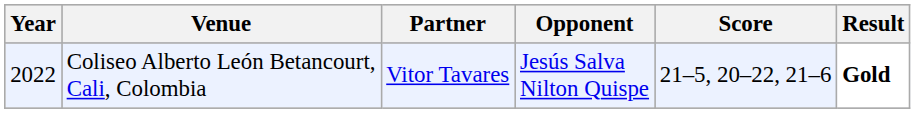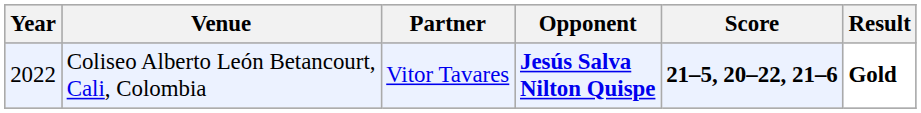 <table class="sortable wikitable" style="font-size: 90%;">
 <tr>
 <th>Year</th>
 <th>Venue</th>
 <th>Partner</th>
 <th>Opponent</th>
 <th>Score</th>
 <th>Result</th>
 </tr>
 <tr style="background:#ECF2FF">
 <td rowspan="3" align="center">2022</td>
 <td rowspan="3" align="left">Coliseo Alberto León Betancourt,<br><a href='#'>Cali</a>, Colombia</td>
 <td rowspan="3"> <a href='#'>Vitor Tavares</a></td>
-<td align="left"> <a href='#'>Jesús Salva</a><br> <a href='#'>Nilton Quispe</a></td>
-<td align="left">21–5, 20–22, 21–6</td>
+<td align="left"><strong> <a href='#'>Jesús Salva</a><br> <a href='#'>Nilton Quispe</a></strong></td>
+<td align="left"><strong>21–5, 20–22, 21–6</strong></td>
 <td rowspan="3" style="text-align:left; background:white"> <strong>Gold</strong></td>
 </tr>
 </table>
